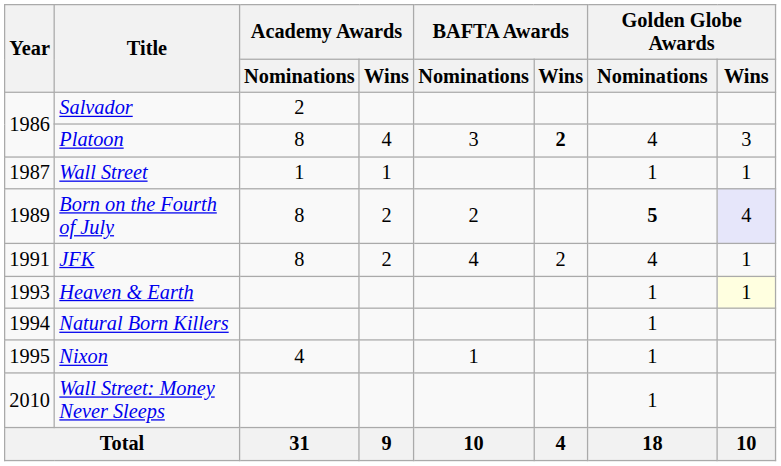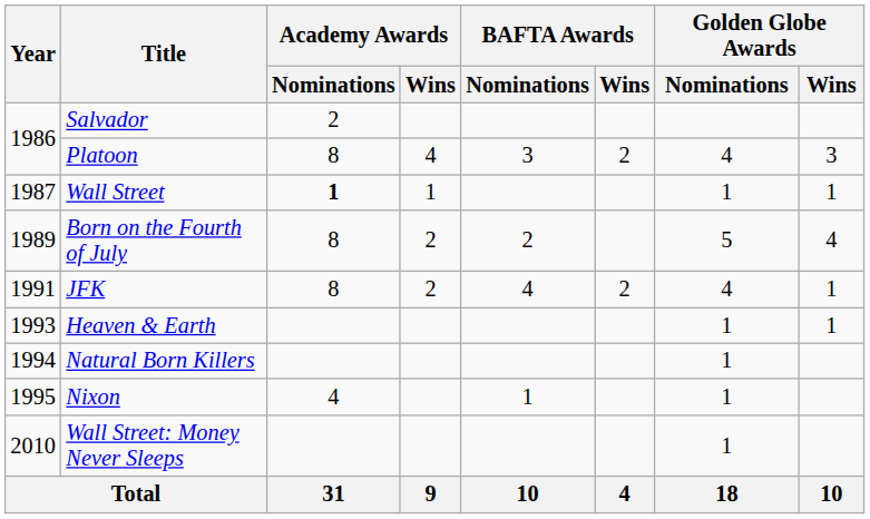 <table class="wikitable">
 <tr>
 <th rowspan="2">Year</th>
 <th rowspan="2">Title</th>
 <th colspan="2">Academy Awards</th>
 <th colspan="2">BAFTA Awards</th>
 <th colspan="2">Golden Globe Awards</th>
 </tr>
 <tr>
 <th>Nominations</th>
 <th>Wins</th>
 <th>Nominations</th>
 <th>Wins</th>
 <th>Nominations</th>
 <th>Wins</th>
 </tr>
 <tr>
 <td rowspan=2>1986</td>
 <td><em><a href='#'>Salvador</a></em></td>
 <td style="text-align:center;">2</td>
 <td></td>
 <td></td>
 <td></td>
 <td></td>
 <td></td>
 </tr>
 <tr>
 <td><em><a href='#'>Platoon</a></em></td>
 <td style="text-align:center;">8</td>
 <td style="text-align:center;">4</td>
 <td style="text-align:center;">3</td>
-<td style="text-align:center;"><strong>2</strong></td>
+<td style="text-align:center;">2</td>
 <td style="text-align:center;">4</td>
 <td style="text-align:center;">3</td>
 </tr>
 <tr>
 <td>1987</td>
 <td><em><a href='#'>Wall Street</a></em></td>
-<td style="text-align:center;">1</td>
+<td style="text-align:center;"><strong>1</strong></td>
 <td style="text-align:center;">1</td>
 <td></td>
 <td></td>
 <td style="text-align:center;">1</td>
 <td style="text-align:center;">1</td>
 </tr>
 <tr>
 <td>1989</td>
 <td><em><a href='#'>Born on the Fourth of July</a></em></td>
 <td style="text-align:center;">8</td>
 <td style="text-align:center;">2</td>
 <td style="text-align:center;">2</td>
 <td></td>
-<td style="text-align:center;"><strong>5</strong></td>
-<td style="background: lavender; text-align:center;">4</td>
+<td style="text-align:center;">5</td>
+<td style="text-align:center;">4</td>
 </tr>
 <tr>
 <td>1991</td>
 <td><em><a href='#'>JFK</a></em></td>
 <td style="text-align:center;">8</td>
 <td style="text-align:center;">2</td>
 <td style="text-align:center;">4</td>
 <td style="text-align:center;">2</td>
 <td style="text-align:center;">4</td>
 <td style="text-align:center;">1</td>
 </tr>
 <tr>
 <td>1993</td>
 <td><em><a href='#'>Heaven & Earth</a></em></td>
 <td></td>
 <td></td>
 <td></td>
 <td></td>
 <td style="text-align:center;">1</td>
-<td style="background: lightyellow; text-align:center;">1</td>
+<td style="text-align:center;">1</td>
 </tr>
 <tr>
 <td>1994</td>
 <td><em><a href='#'>Natural Born Killers</a></em></td>
 <td></td>
 <td></td>
 <td></td>
 <td></td>
 <td style="text-align:center;">1</td>
 <td></td>
 </tr>
 <tr>
 <td>1995</td>
 <td><em><a href='#'>Nixon</a></em></td>
 <td style="text-align:center;">4</td>
 <td></td>
 <td style="text-align:center;">1</td>
 <td></td>
 <td style="text-align:center;">1</td>
 <td></td>
 </tr>
 <tr>
 <td>2010</td>
 <td><em><a href='#'>Wall Street: Money Never Sleeps</a></em></td>
 <td></td>
 <td></td>
 <td></td>
 <td></td>
 <td style="text-align:center;">1</td>
 <td></td>
 </tr>
 <tr>
 <th colspan="2">Total</th>
 <th>31</th>
 <th>9</th>
 <th>10</th>
 <th>4</th>
 <th>18</th>
 <th>10</th>
 </tr>
 </table>
